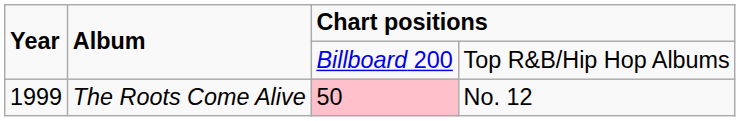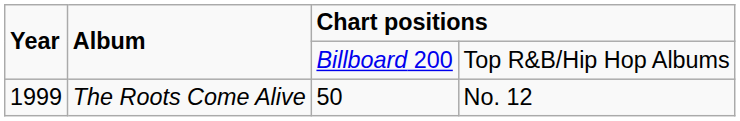 <table class="wikitable">
 <tr>
 <td rowspan="2"><strong>Year</strong></td>
 <td rowspan="2"><strong>Album</strong></td>
 <td colspan="2"><strong>Chart positions</strong></td>
 </tr>
 <tr>
 <td><a href='#'><em>Billboard</em> 200</a></td>
 <td>Top R&B/Hip Hop Albums</td>
 </tr>
 <tr>
 <td>1999</td>
 <td><em>The Roots Come Alive</em></td>
-<td style="background: pink;"> 50</td>
+<td> 50</td>
 <td>No. 12</td>
 </tr>
 </table>
